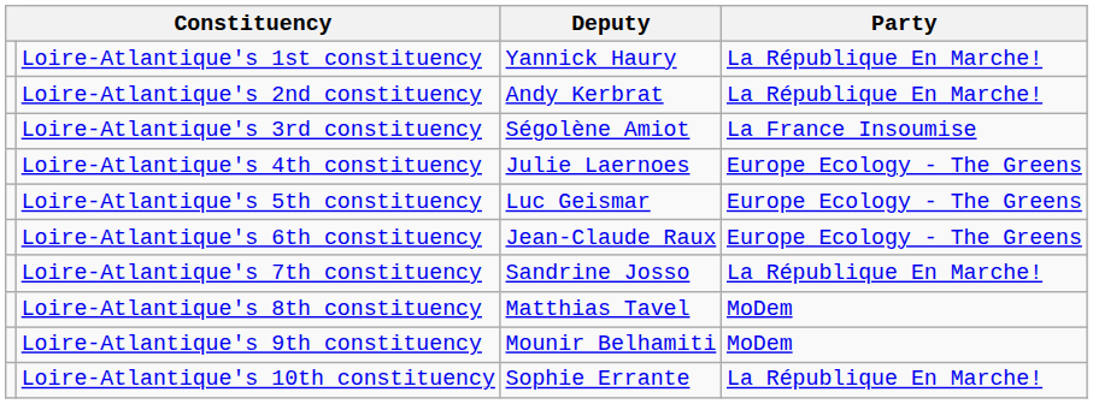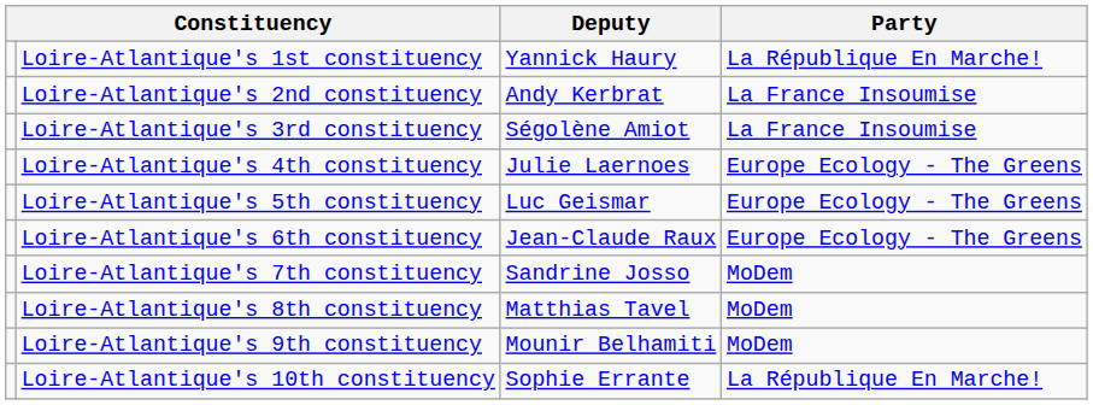 <table class="wikitable">
 <tr>
 <th colspan="2">Constituency</th>
 <th>Deputy</th>
 <th>Party</th>
 </tr>
 <tr>
 <td style="background-color: "></td>
 <td><a href='#'>Loire-Atlantique's 1st constituency</a></td>
 <td><a href='#'>Yannick Haury</a></td>
 <td><a href='#'>La République En Marche!</a></td>
 </tr>
 <tr>
 <td style="background-color: "></td>
 <td><a href='#'>Loire-Atlantique's 2nd constituency</a></td>
 <td><a href='#'>Andy Kerbrat</a></td>
-<td><a href='#'>La République En Marche!</a></td>
+<td><a href='#'>La France Insoumise</a></td>
 </tr>
 <tr>
 <td style="background-color: "></td>
 <td><a href='#'>Loire-Atlantique's 3rd constituency</a></td>
 <td><a href='#'>Ségolène Amiot</a></td>
 <td><a href='#'>La France Insoumise</a></td>
 </tr>
 <tr>
 <td style="background-color: "></td>
 <td><a href='#'>Loire-Atlantique's 4th constituency</a></td>
 <td><a href='#'>Julie Laernoes</a></td>
 <td><a href='#'>Europe Ecology - The Greens</a></td>
 </tr>
 <tr>
 <td style="background-color: "></td>
 <td><a href='#'>Loire-Atlantique's 5th constituency</a></td>
 <td><a href='#'>Luc Geismar</a></td>
 <td><a href='#'>Europe Ecology - The Greens</a></td>
 </tr>
 <tr>
 <td style="background-color: "></td>
 <td><a href='#'>Loire-Atlantique's 6th constituency</a></td>
 <td><a href='#'>Jean-Claude Raux</a></td>
 <td><a href='#'>Europe Ecology - The Greens</a></td>
 </tr>
 <tr>
 <td style="background-color: "></td>
 <td><a href='#'>Loire-Atlantique's 7th constituency</a></td>
 <td><a href='#'>Sandrine Josso</a></td>
-<td><a href='#'>La République En Marche!</a></td>
+<td><a href='#'>MoDem</a></td>
 </tr>
 <tr>
 <td style="background-color: "></td>
 <td><a href='#'>Loire-Atlantique's 8th constituency</a></td>
 <td><a href='#'>Matthias Tavel</a></td>
 <td><a href='#'>MoDem</a></td>
 </tr>
 <tr>
 <td style="background-color: "></td>
 <td><a href='#'>Loire-Atlantique's 9th constituency</a></td>
 <td><a href='#'>Mounir Belhamiti</a></td>
 <td><a href='#'>MoDem</a></td>
 </tr>
 <tr>
 <td style="background-color: "></td>
 <td><a href='#'>Loire-Atlantique's 10th constituency</a></td>
 <td><a href='#'>Sophie Errante</a></td>
 <td><a href='#'>La République En Marche!</a></td>
 </tr>
 </table>
